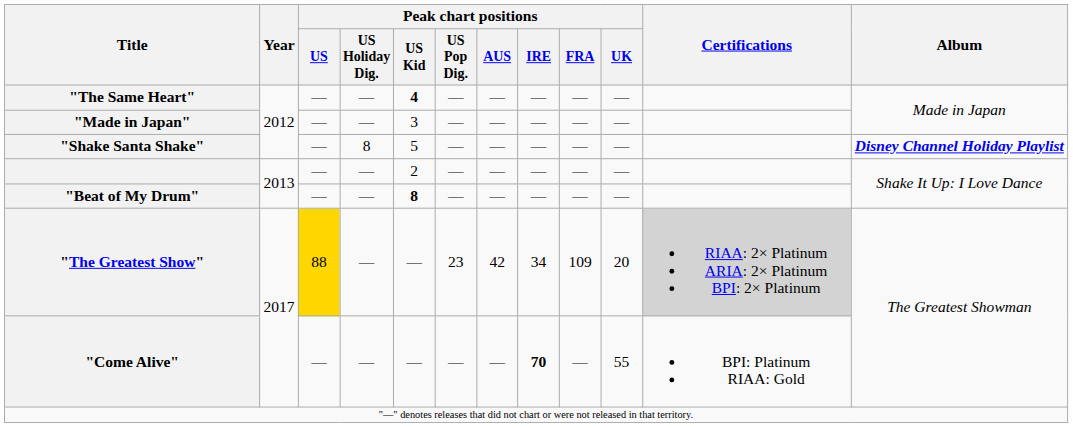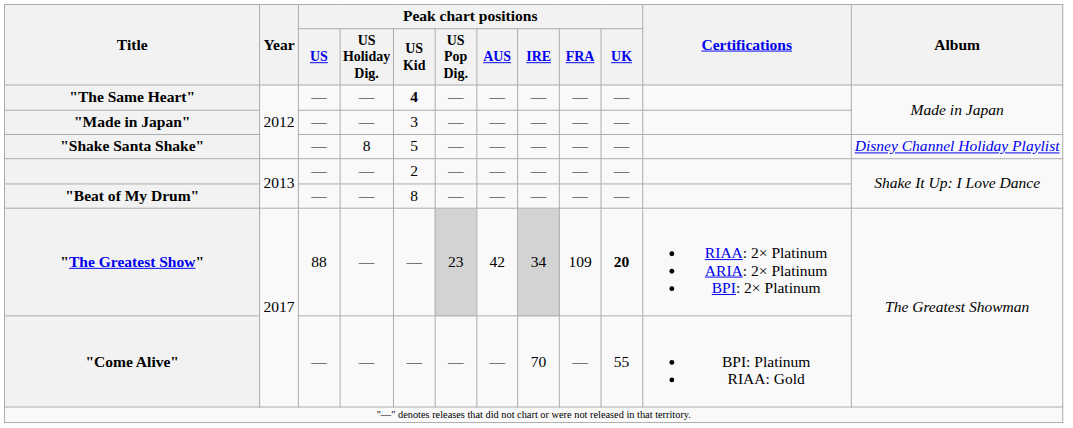 <table class="wikitable plainrowheaders" style="text-align:center;">
 <tr>
 <th scope="col" rowspan="2" style="width:16em;">Title</th>
 <th scope="col" rowspan="2">Year</th>
 <th scope="col" colspan="8">Peak chart positions</th>
 <th scope="col" rowspan="2" style="width:13em;"><a href='#'>Certifications</a></th>
 <th scope="col" rowspan="2">Album</th>
 </tr>
 <tr>
 <th scope="col" style="width:2.5em;font-size:90%;"><a href='#'>US</a><br></th>
 <th scope="col" style="width:2.5em;font-size:90%;">US<br>Holiday Dig.<br></th>
 <th scope="col" style="width:2.5em;font-size:90%;">US<br>Kid<br></th>
 <th scope="col" style="width:2.5em;font-size:90%;">US<br>Pop Dig.<br></th>
 <th scope="col" style="width:2.5em;font-size:90%;"><a href='#'>AUS</a><br></th>
 <th scope="col" style="width:2.5em;font-size:90%;"><a href='#'>IRE</a><br></th>
 <th scope="col" style="width:2.5em;font-size:90%;"><a href='#'>FRA</a><br></th>
 <th scope="col" style="width:2.5em;font-size:90%;"><a href='#'>UK</a><br></th>
 </tr>
 <tr>
 <th scope="row">"The Same Heart"<br></th>
 <td rowspan="3">2012</td>
 <td>—</td>
 <td>—</td>
 <td><strong>4</strong></td>
 <td>—</td>
 <td>—</td>
 <td>—</td>
 <td>—</td>
 <td>—</td>
 <td></td>
 <td rowspan="2"><em>Made in Japan</em></td>
 </tr>
 <tr>
 <th scope="row">"Made in Japan"<br></th>
 <td>—</td>
 <td>—</td>
 <td>3</td>
 <td>—</td>
 <td>—</td>
 <td>—</td>
 <td>—</td>
 <td>—</td>
 <td></td>
 </tr>
 <tr>
 <th scope="row">"Shake Santa Shake"</th>
 <td>—</td>
 <td>8</td>
 <td>5</td>
 <td>—</td>
 <td>—</td>
 <td>—</td>
 <td>—</td>
 <td>—</td>
 <td></td>
-<td><strong><em><a href='#'>Disney Channel Holiday Playlist</a></em></strong></td>
+<td><em><a href='#'>Disney Channel Holiday Playlist</a></em></td>
 </tr>
 <tr>
 <th scope="row"><br></th>
 <td rowspan="2">2013</td>
 <td>—</td>
 <td>—</td>
 <td>2</td>
 <td>—</td>
 <td>—</td>
 <td>—</td>
 <td>—</td>
 <td>—</td>
 <td></td>
 <td rowspan="2"><em>Shake It Up: I Love Dance</em></td>
 </tr>
 <tr>
 <th scope="row">"Beat of My Drum"</th>
 <td>—</td>
 <td>—</td>
-<td><strong>8</strong></td>
+<td>8</td>
 <td>—</td>
 <td>—</td>
 <td>—</td>
 <td>—</td>
 <td>—</td>
 <td></td>
 </tr>
 <tr>
 <th scope="row">"<a href='#'>The Greatest Show</a>"<br></th>
 <td rowspan="2">2017</td>
-<td style="background: gold;">88</td>
+<td>88</td>
 <td>—</td>
 <td>—</td>
-<td>23</td>
+<td style="background: lightgrey;">23</td>
 <td>42</td>
-<td>34</td>
+<td style="background: lightgrey;">34</td>
 <td>109</td>
-<td>20</td>
-<td style="background: lightgrey;"><br><ul><li><a href='#'>RIAA</a>: 2× Platinum</li><li><a href='#'>ARIA</a>: 2× Platinum</li><li><a href='#'>BPI</a>: 2× Platinum</li></ul></td>
+<td><strong>20</strong></td>
+<td><br><ul><li><a href='#'>RIAA</a>: 2× Platinum</li><li><a href='#'>ARIA</a>: 2× Platinum</li><li><a href='#'>BPI</a>: 2× Platinum</li></ul></td>
 <td rowspan="2"><em>The Greatest Showman</em></td>
 </tr>
 <tr>
 <th scope="row">"Come Alive"<br></th>
 <td>—</td>
 <td>—</td>
 <td>—</td>
 <td>—</td>
 <td>—</td>
-<td><strong>70</strong></td>
+<td>70</td>
 <td>—</td>
 <td>55</td>
 <td><br><ul><li>BPI: Platinum</li><li>RIAA: Gold</li></ul></td>
 </tr>
 <tr>
 <td align="center" colspan="14" style="font-size:8pt">"—" denotes releases that did not chart or were not released in that territory.</td>
 </tr>
 </table>
